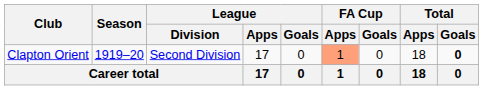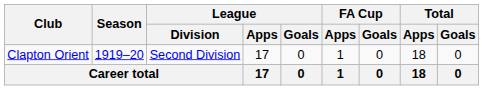 <table class="wikitable" style="text-align: center">
 <tr>
 <th rowspan="2">Club</th>
 <th rowspan="2">Season</th>
 <th colspan="3">League</th>
 <th colspan="2">FA Cup</th>
 <th colspan="2">Total</th>
 </tr>
 <tr>
 <th>Division</th>
 <th>Apps</th>
 <th>Goals</th>
 <th>Apps</th>
 <th>Goals</th>
 <th>Apps</th>
 <th>Goals</th>
 </tr>
 <tr>
 <td><a href='#'>Clapton Orient</a></td>
 <td><a href='#'>1919–20</a></td>
 <td><a href='#'>Second Division</a></td>
 <td>17</td>
 <td>0</td>
-<td style="background: lightsalmon;">1</td>
+<td>1</td>
 <td>0</td>
 <td>18</td>
-<td><strong>0</strong></td>
+<td>0</td>
 </tr>
 <tr>
 <th colspan="3">Career total</th>
 <th>17</th>
 <th>0</th>
 <th>1</th>
 <th>0</th>
 <th>18</th>
 <th>0</th>
 </tr>
 </table>
